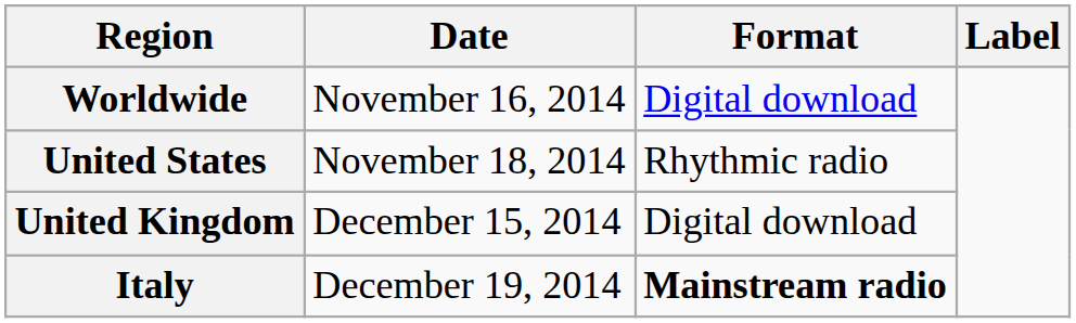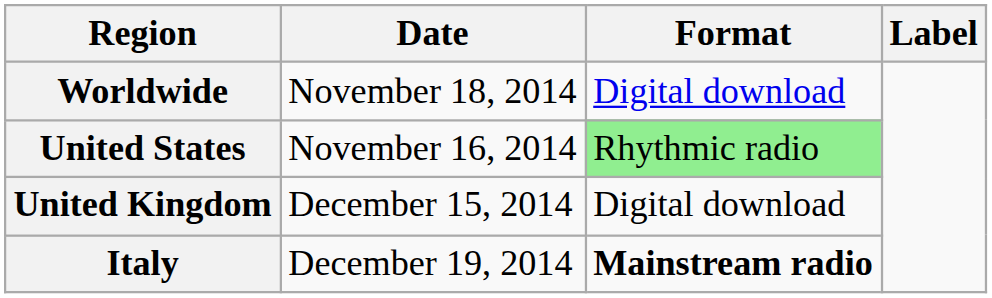 <table class="wikitable plainrowheaders">
 <tr>
 <th scope="col">Region</th>
 <th scope="col">Date</th>
 <th scope="col">Format</th>
 <th scope="col">Label</th>
 </tr>
 <tr>
 <th scope="row">Worldwide</th>
-<td>November 16, 2014</td>
+<td>November 18, 2014</td>
 <td><a href='#'>Digital download</a></td>
 <td rowspan="5"></td>
 </tr>
 <tr>
 <th scope="row">United States</th>
-<td>November 18, 2014</td>
-<td>Rhythmic radio</td>
+<td>November 16, 2014</td>
+<td style="background: lightgreen;">Rhythmic radio</td>
 </tr>
 <tr>
 <th scope="row">United Kingdom</th>
 <td>December 15, 2014</td>
 <td>Digital download</td>
 </tr>
 <tr>
 <th scope="row">Italy</th>
 <td>December 19, 2014</td>
 <td><strong>Mainstream radio</strong></td>
 </tr>
 </table>
